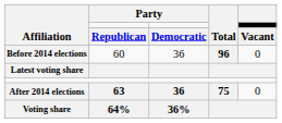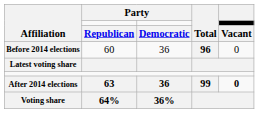 <table class=wikitable style="text-align:center">
 <tr style="vertical-align:bottom;">
 <th rowspan=3>Affiliation</th>
 <th colspan=2>Party </th>
 <th rowspan=3>Total</th>
 <th></th>
 </tr>
 <tr style="height:5px">
 <td style="background-color:"></td>
 <td style="background-color:"></td>
 <td style="background-color:black"></td>
 </tr>
 <tr>
 <th><a href='#'>Republican</a></th>
 <th><a href='#'>Democratic</a></th>
 <th>Vacant</th>
 </tr>
 <tr>
 <th nowrap style="font-size:80%">Before 2014 elections</th>
 <td>60</td>
 <td>36</td>
 <th>96</th>
 <td>0</td>
 </tr>
 <tr>
 <th nowrap style="font-size:80%">Latest voting share</th>
 <th></th>
 <th></th>
 <th colspan=2></th>
 </tr>
 <tr>
 <td colspan=5></td>
 </tr>
 <tr>
 <th nowrap style="font-size:80%">After 2014 elections</th>
 <th>63</th>
 <th>36</th>
-<th>75</th>
-<td>0</td>
+<th>99</th>
+<td><strong>0</strong></td>
 </tr>
 <tr>
 <th nowrap style="font-size:80%">Voting share</th>
 <th>64%</th>
 <th>36%</th>
 <th colspan="2"></th>
 </tr>
 </table>
